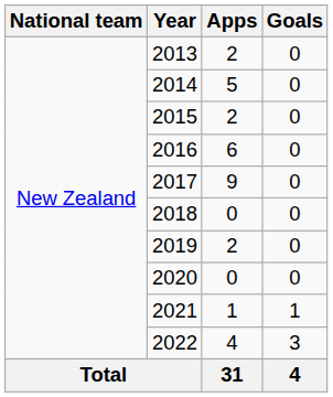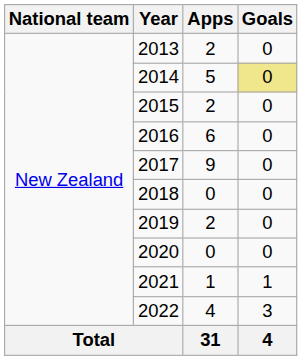 <table class="wikitable" style="text-align:center">
 <tr>
 <th>National team</th>
 <th>Year</th>
 <th>Apps</th>
 <th>Goals</th>
 </tr>
 <tr>
 <td rowspan="10"><a href='#'>New Zealand</a></td>
 <td>2013</td>
 <td>2</td>
 <td>0</td>
 </tr>
 <tr>
 <td>2014</td>
 <td>5</td>
-<td>0</td>
+<td style="background: khaki;">0</td>
 </tr>
 <tr>
 <td>2015</td>
 <td>2</td>
 <td>0</td>
 </tr>
 <tr>
 <td>2016</td>
 <td>6</td>
 <td>0</td>
 </tr>
 <tr>
 <td>2017</td>
 <td>9</td>
 <td>0</td>
 </tr>
 <tr>
 <td>2018</td>
 <td>0</td>
 <td>0</td>
 </tr>
 <tr>
 <td>2019</td>
 <td>2</td>
 <td>0</td>
 </tr>
 <tr>
 <td>2020</td>
 <td>0</td>
 <td>0</td>
 </tr>
 <tr>
 <td>2021</td>
 <td>1</td>
 <td>1</td>
 </tr>
 <tr>
 <td>2022</td>
 <td>4</td>
 <td>3</td>
 </tr>
 <tr>
 <th colspan="2">Total</th>
 <th>31</th>
 <th>4</th>
 </tr>
 </table>
